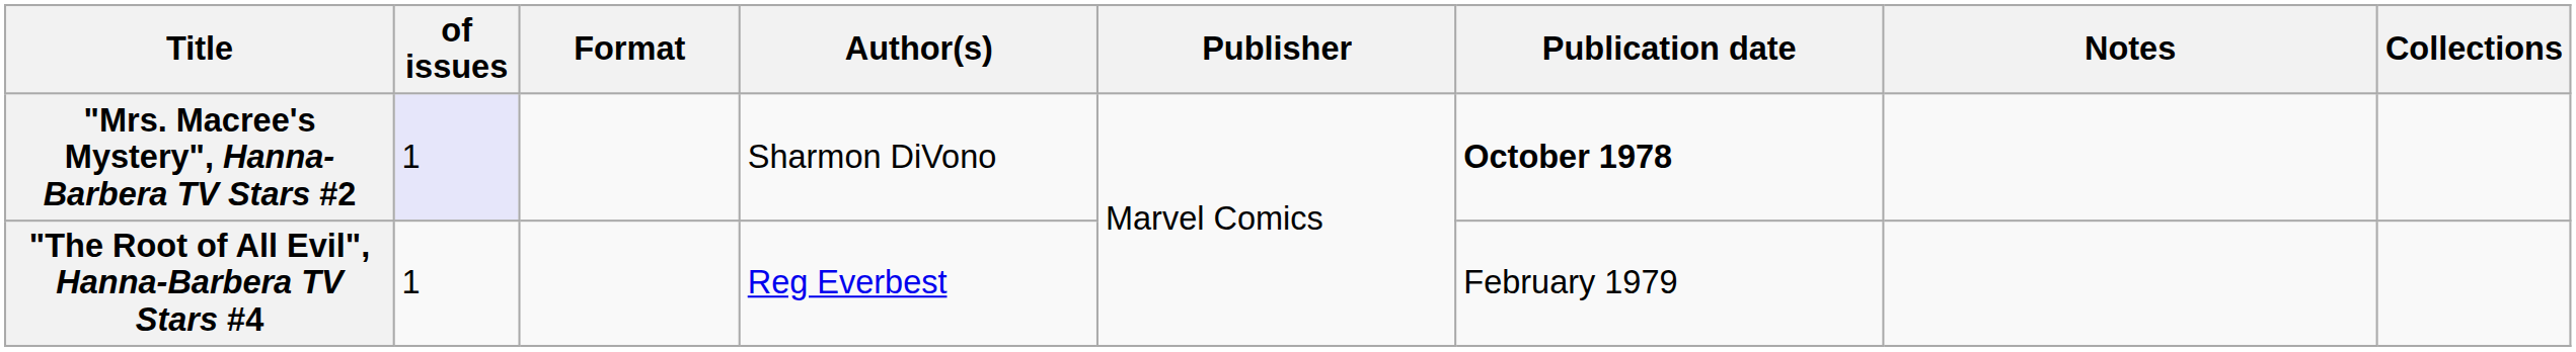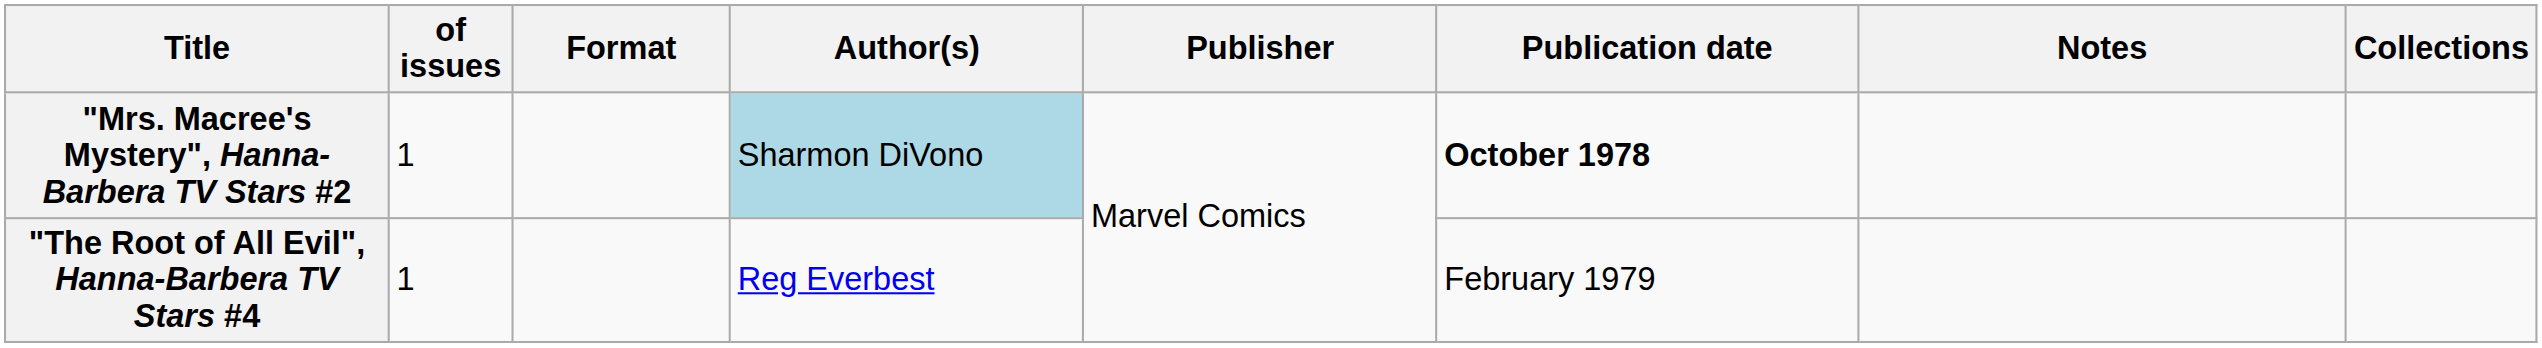 <table class="wikitable">
 <tr>
 <th>Title</th>
 <th style="width:40pt"> of issues</th>
 <th style="width:75pt">Format</th>
 <th style="width:125pt">Author(s)</th>
 <th style="width:125pt">Publisher</th>
 <th style="width:150pt">Publication date</th>
 <th style="width:175pt">Notes</th>
 <th>Collections</th>
 </tr>
 <tr>
 <th>"Mrs. Macree's Mystery", <em>Hanna-Barbera TV Stars</em> #2</th>
-<td style="background: lavender;">1</td>
+<td>1</td>
 <td></td>
-<td>Sharmon DiVono</td>
+<td style="background: lightblue;">Sharmon DiVono</td>
 <td rowspan="2">Marvel Comics</td>
 <td><strong>October 1978</strong></td>
 <td></td>
 <td></td>
 </tr>
 <tr>
 <th>"The Root of All Evil", <em>Hanna-Barbera TV Stars</em> #4</th>
 <td>1</td>
 <td></td>
 <td><a href='#'>Reg Everbest</a></td>
 <td>February 1979</td>
 <td></td>
 <td></td>
 </tr>
 </table>
